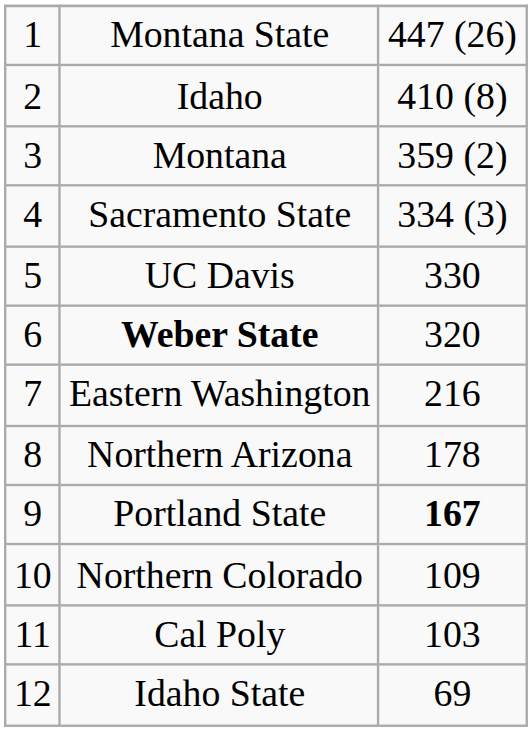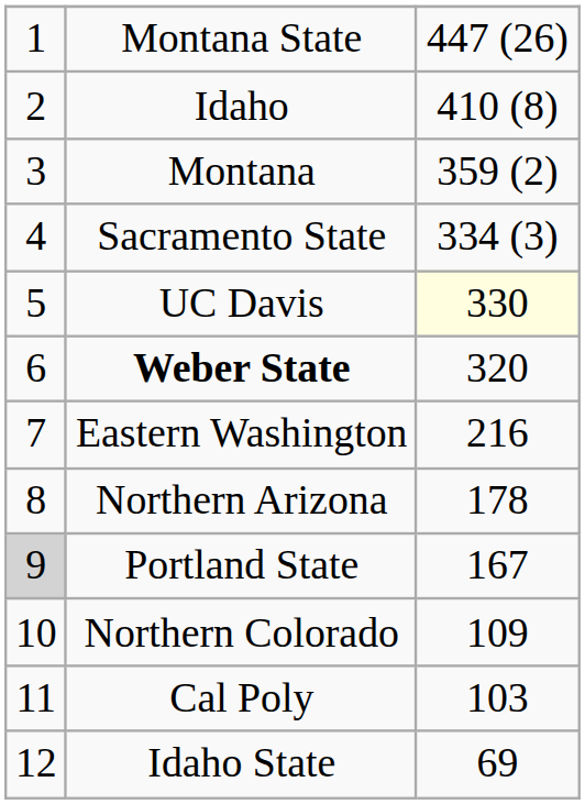 <table class="wikitable" style="display: inline-table;">
 <tr align="center">
 </tr>
 <tr align="center">
 <td>1</td>
 <td>Montana State</td>
 <td>447 (26)</td>
 </tr>
 <tr align="center">
 <td>2</td>
 <td>Idaho</td>
 <td>410 (8)</td>
 </tr>
 <tr align="center">
 <td>3</td>
 <td>Montana</td>
 <td>359 (2)</td>
 </tr>
 <tr align="center">
 <td>4</td>
 <td>Sacramento State</td>
 <td>334 (3)</td>
 </tr>
 <tr align="center">
 <td>5</td>
 <td>UC Davis</td>
-<td>330</td>
+<td style="background: lightyellow;">330</td>
 </tr>
 <tr align="center">
 <td>6</td>
 <td><strong>Weber State</strong></td>
 <td>320</td>
 </tr>
 <tr align="center">
 <td>7</td>
 <td>Eastern Washington</td>
 <td>216</td>
 </tr>
 <tr align="center">
 <td>8</td>
 <td>Northern Arizona</td>
 <td>178</td>
 </tr>
 <tr align="center">
-<td>9</td>
+<td style="background: lightgrey;">9</td>
 <td>Portland State</td>
-<td><strong>167</strong></td>
+<td>167</td>
 </tr>
 <tr align="center">
 <td>10</td>
 <td>Northern Colorado</td>
 <td>109</td>
 </tr>
 <tr align="center">
 <td>11</td>
 <td>Cal Poly</td>
 <td>103</td>
 </tr>
 <tr align="center">
 <td>12</td>
 <td>Idaho State</td>
 <td>69</td>
 </tr>
 </table>
